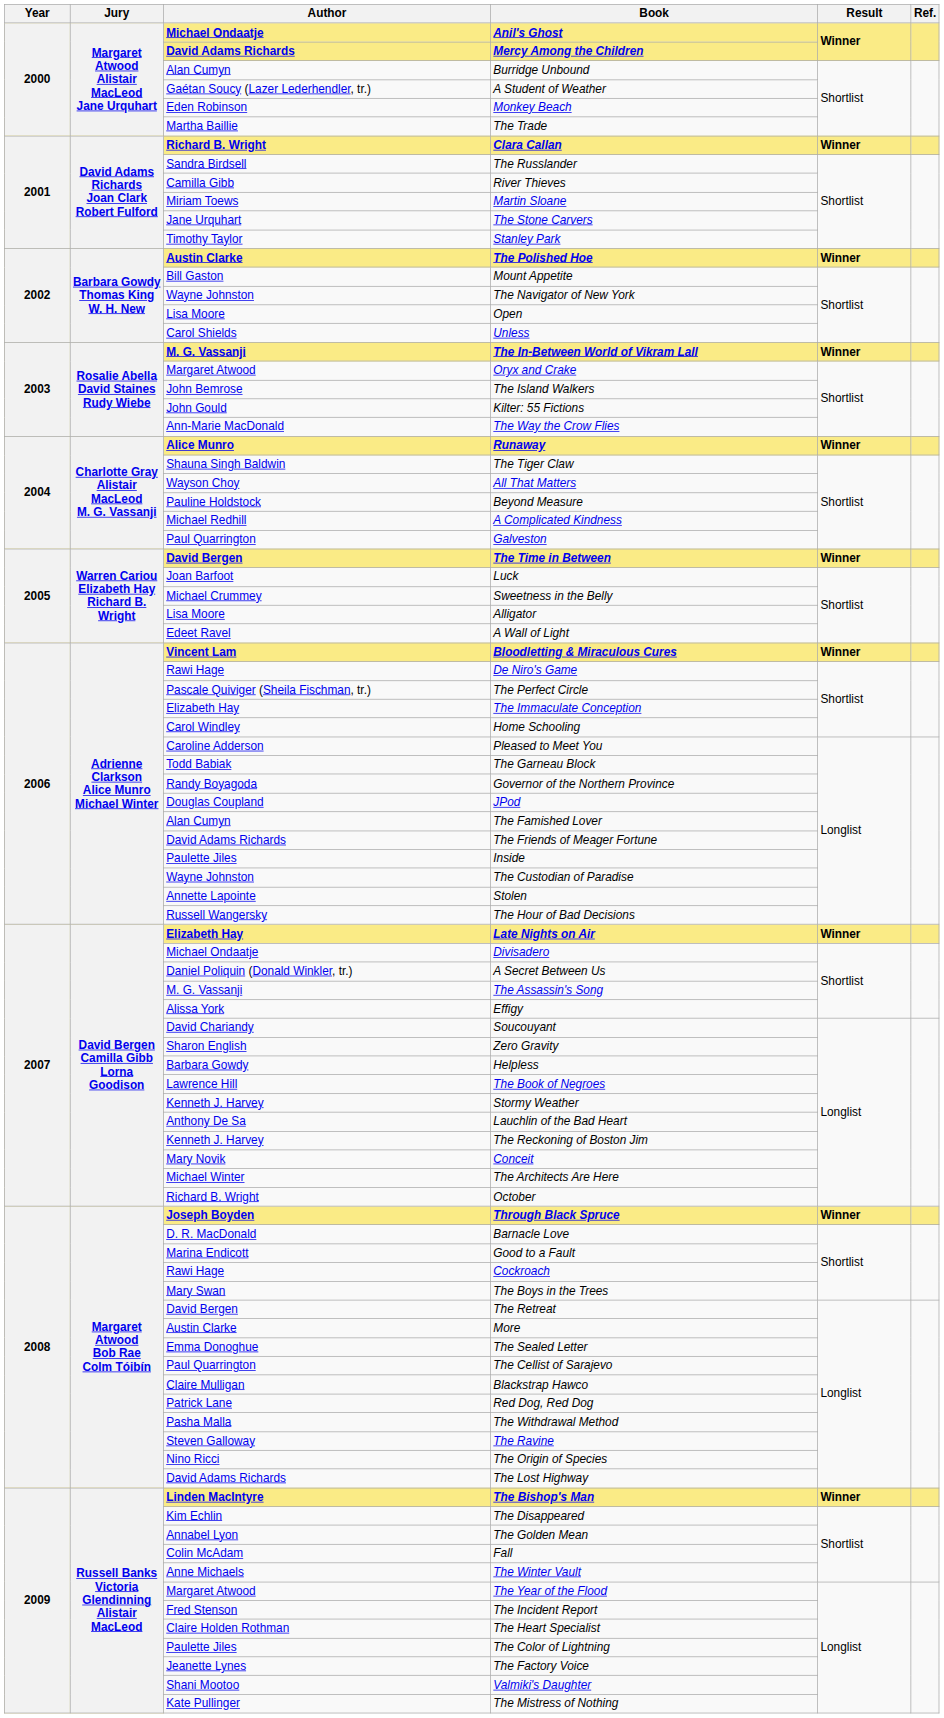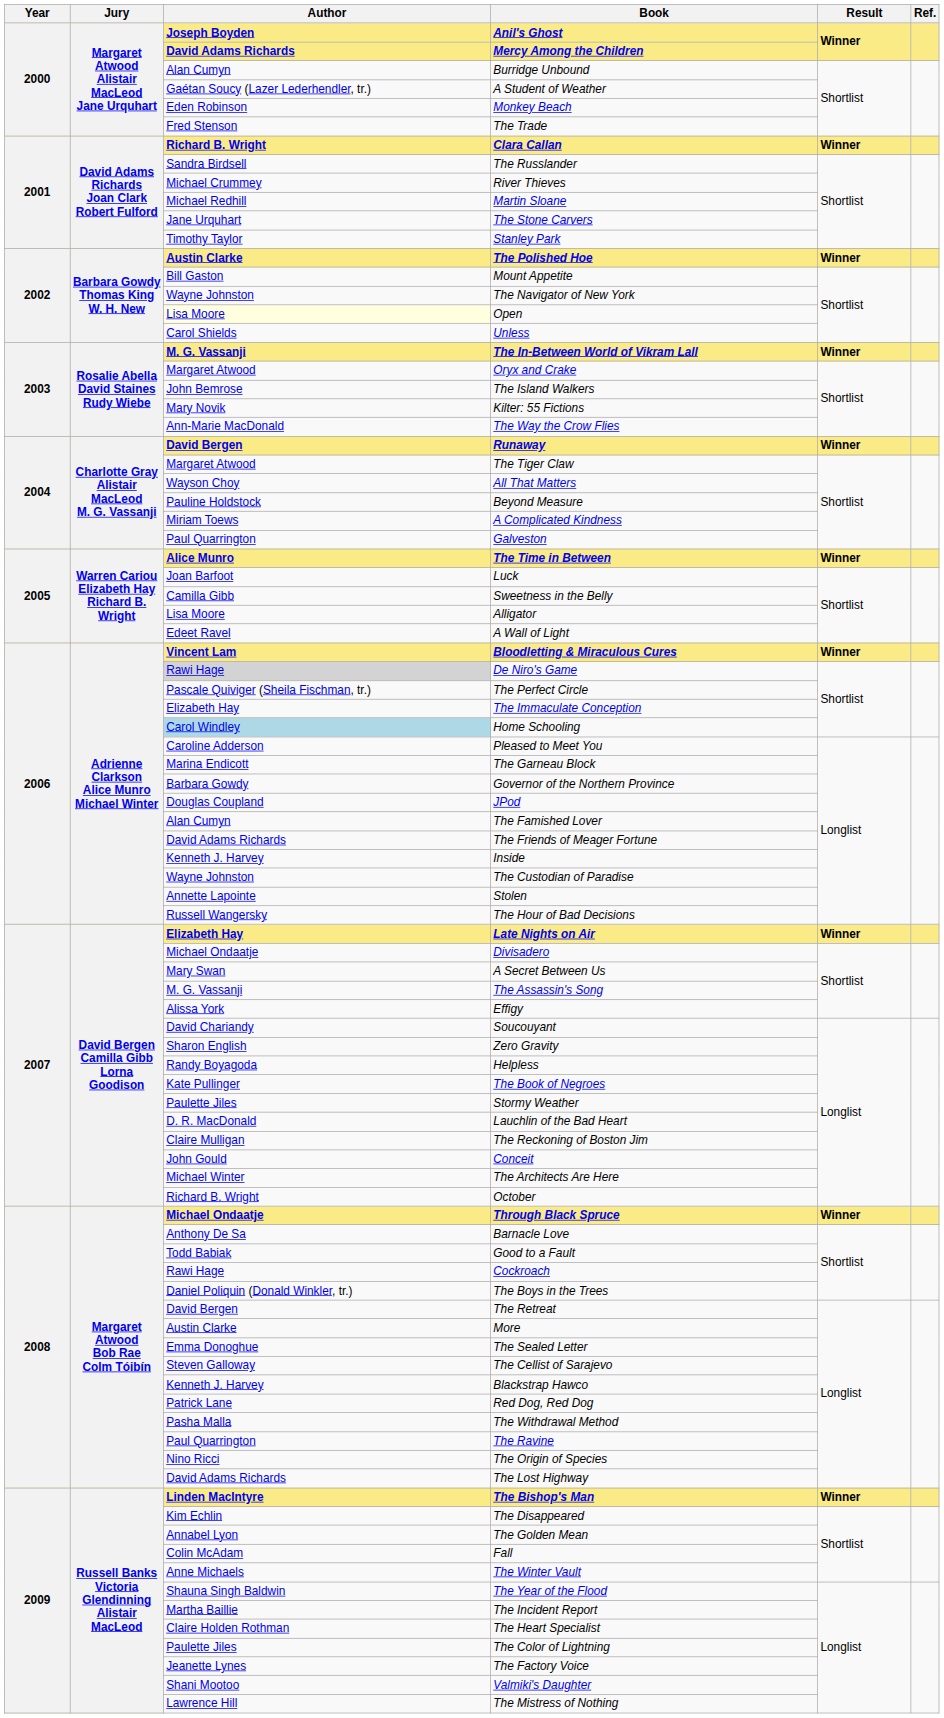 <table class="wikitable" width="100%">
 <tr>
 <th>Year</th>
 <th width=10%>Jury</th>
 <th width=35%>Author</th>
 <th width=35%>Book</th>
 <th width=10%>Result</th>
 <th width=2%>Ref.</th>
 </tr>
 <tr style="background:#FAEB86">
 <th rowspan="6">2000</th>
 <th rowspan="6"><a href='#'>Margaret Atwood</a><br><a href='#'>Alistair MacLeod</a><br><a href='#'>Jane Urquhart</a></th>
-<td><strong><a href='#'>Michael Ondaatje</a></strong></td>
+<td><strong><a href='#'>Joseph Boyden</a></strong></td>
 <td><strong><em><a href='#'>Anil's Ghost</a></em></strong></td>
 <td rowspan=2><strong>Winner</strong></td>
 <td rowspan=2></td>
 </tr>
 <tr style="background:#FAEB86">
 <td><strong><a href='#'>David Adams Richards</a></strong></td>
 <td><strong><em><a href='#'>Mercy Among the Children</a></em></strong></td>
 </tr>
 <tr>
 <td><a href='#'>Alan Cumyn</a></td>
 <td><em>Burridge Unbound</em></td>
 <td rowspan="4">Shortlist</td>
 <td rowspan="4"></td>
 </tr>
 <tr>
 <td><a href='#'>Gaétan Soucy</a> (<a href='#'>Lazer Lederhendler</a>, tr.)</td>
 <td><em>A Student of Weather</em></td>
 </tr>
 <tr>
 <td><a href='#'>Eden Robinson</a></td>
 <td><em><a href='#'>Monkey Beach</a></em></td>
 </tr>
 <tr>
-<td><a href='#'>Martha Baillie</a></td>
+<td><a href='#'>Fred Stenson</a></td>
 <td><em>The Trade</em></td>
 </tr>
 <tr style="background:#FAEB86">
 <th rowspan="6">2001</th>
 <th rowspan="6"><a href='#'>David Adams Richards</a><br><a href='#'>Joan Clark</a><br><a href='#'>Robert Fulford</a></th>
 <td><strong><a href='#'>Richard B. Wright</a></strong></td>
 <td><strong><em><a href='#'>Clara Callan</a></em></strong></td>
 <td><strong>Winner</strong></td>
 <td></td>
 </tr>
 <tr>
 <td><a href='#'>Sandra Birdsell</a></td>
 <td><em>The Russlander</em></td>
 <td rowspan="5">Shortlist</td>
 <td rowspan="5"></td>
 </tr>
 <tr>
-<td><a href='#'>Camilla Gibb</a></td>
+<td><a href='#'>Michael Crummey</a></td>
 <td><em>River Thieves</em></td>
 </tr>
 <tr>
-<td><a href='#'>Miriam Toews</a></td>
+<td><a href='#'>Michael Redhill</a></td>
 <td><em><a href='#'>Martin Sloane</a></em></td>
 </tr>
 <tr>
 <td><a href='#'>Jane Urquhart</a></td>
 <td><em><a href='#'>The Stone Carvers</a></em></td>
 </tr>
 <tr>
 <td><a href='#'>Timothy Taylor</a></td>
 <td><em><a href='#'>Stanley Park</a></em></td>
 </tr>
 <tr style="background:#FAEB86">
 <th rowspan="5">2002</th>
 <th rowspan="5"><a href='#'>Barbara Gowdy</a><br><a href='#'>Thomas King</a><br><a href='#'>W. H. New</a></th>
 <td><strong><a href='#'>Austin Clarke</a></strong></td>
 <td><strong><em><a href='#'>The Polished Hoe</a></em></strong></td>
 <td><strong>Winner</strong></td>
 <td></td>
 </tr>
 <tr>
 <td><a href='#'>Bill Gaston</a></td>
 <td><em>Mount Appetite</em></td>
 <td rowspan="4">Shortlist</td>
 <td rowspan="4"></td>
 </tr>
 <tr>
 <td><a href='#'>Wayne Johnston</a></td>
 <td><em>The Navigator of New York</em></td>
 </tr>
 <tr>
-<td><a href='#'>Lisa Moore</a></td>
+<td style="background: lightyellow;"><a href='#'>Lisa Moore</a></td>
 <td><em>Open</em></td>
 </tr>
 <tr>
 <td><a href='#'>Carol Shields</a></td>
 <td><em><a href='#'>Unless</a></em></td>
 </tr>
 <tr style="background:#FAEB86">
 <th rowspan="5">2003</th>
 <th rowspan="5"><a href='#'>Rosalie Abella</a><br><a href='#'>David Staines</a><br><a href='#'>Rudy Wiebe</a></th>
 <td><strong><a href='#'>M. G. Vassanji</a></strong></td>
 <td><strong><em><a href='#'>The In-Between World of Vikram Lall</a></em></strong></td>
 <td><strong>Winner</strong></td>
 <td></td>
 </tr>
 <tr>
 <td><a href='#'>Margaret Atwood</a></td>
 <td><em><a href='#'>Oryx and Crake</a></em></td>
 <td rowspan="4">Shortlist</td>
 <td rowspan="4"></td>
 </tr>
 <tr>
 <td><a href='#'>John Bemrose</a></td>
 <td><em>The Island Walkers</em></td>
 </tr>
 <tr>
-<td><a href='#'>John Gould</a></td>
+<td><a href='#'>Mary Novik</a></td>
 <td><em>Kilter: 55 Fictions</em></td>
 </tr>
 <tr>
 <td><a href='#'>Ann-Marie MacDonald</a></td>
 <td><em><a href='#'>The Way the Crow Flies</a></em></td>
 </tr>
 <tr style="background:#FAEB86">
 <th rowspan="6">2004</th>
 <th rowspan="6"><a href='#'>Charlotte Gray</a><br><a href='#'>Alistair MacLeod</a><br><a href='#'>M. G. Vassanji</a></th>
-<td><strong><a href='#'>Alice Munro</a></strong></td>
+<td><strong><a href='#'>David Bergen</a></strong></td>
 <td><strong><em><a href='#'>Runaway</a></em></strong></td>
 <td><strong>Winner</strong></td>
 <td></td>
 </tr>
 <tr>
-<td><a href='#'>Shauna Singh Baldwin</a></td>
+<td><a href='#'>Margaret Atwood</a></td>
 <td><em>The Tiger Claw</em></td>
 <td rowspan="5">Shortlist</td>
 <td rowspan="5"></td>
 </tr>
 <tr>
 <td><a href='#'>Wayson Choy</a></td>
 <td><em><a href='#'>All That Matters</a></em></td>
 </tr>
 <tr>
 <td><a href='#'>Pauline Holdstock</a></td>
 <td><em>Beyond Measure</em></td>
 </tr>
 <tr>
-<td><a href='#'>Michael Redhill</a></td>
+<td><a href='#'>Miriam Toews</a></td>
 <td><em><a href='#'>A Complicated Kindness</a></em></td>
 </tr>
 <tr>
 <td><a href='#'>Paul Quarrington</a></td>
 <td><em><a href='#'>Galveston</a></em></td>
 </tr>
 <tr style="background:#FAEB86">
 <th rowspan="5">2005</th>
 <th rowspan="5"><a href='#'>Warren Cariou</a><br><a href='#'>Elizabeth Hay</a><br><a href='#'>Richard B. Wright</a></th>
-<td><strong><a href='#'>David Bergen</a></strong></td>
+<td><strong><a href='#'>Alice Munro</a></strong></td>
 <td><strong><em><a href='#'>The Time in Between</a></em></strong></td>
 <td><strong>Winner</strong></td>
 <td></td>
 </tr>
 <tr>
 <td><a href='#'>Joan Barfoot</a></td>
 <td><em>Luck</em></td>
 <td rowspan="4">Shortlist</td>
 <td rowspan="4"></td>
 </tr>
 <tr>
-<td><a href='#'>Michael Crummey</a></td>
+<td><a href='#'>Camilla Gibb</a></td>
 <td><em>Sweetness in the Belly</em></td>
 </tr>
 <tr>
 <td><a href='#'>Lisa Moore</a></td>
 <td><em>Alligator</em></td>
 </tr>
 <tr>
 <td><a href='#'>Edeet Ravel</a></td>
 <td><em>A Wall of Light</em></td>
 </tr>
 <tr style="background:#FAEB86">
 <th rowspan="15">2006</th>
 <th rowspan="15"><a href='#'>Adrienne Clarkson</a><br><a href='#'>Alice Munro</a><br><a href='#'>Michael Winter</a></th>
 <td><strong><a href='#'>Vincent Lam</a></strong></td>
 <td><strong><em><a href='#'>Bloodletting & Miraculous Cures</a></em></strong></td>
 <td><strong>Winner</strong></td>
 <td></td>
 </tr>
 <tr>
-<td><a href='#'>Rawi Hage</a></td>
+<td style="background: lightgrey;"><a href='#'>Rawi Hage</a></td>
 <td><em><a href='#'>De Niro's Game</a></em></td>
 <td rowspan="4">Shortlist</td>
 <td rowspan="4"></td>
 </tr>
 <tr>
 <td><a href='#'>Pascale Quiviger</a> (<a href='#'>Sheila Fischman</a>, tr.)</td>
 <td><em>The Perfect Circle</em></td>
 </tr>
 <tr>
 <td><a href='#'>Elizabeth Hay</a></td>
 <td><em><a href='#'>The Immaculate Conception</a></em></td>
 </tr>
 <tr>
-<td><a href='#'>Carol Windley</a></td>
+<td style="background: lightblue;"><a href='#'>Carol Windley</a></td>
 <td><em>Home Schooling</em></td>
 </tr>
 <tr>
 <td><a href='#'>Caroline Adderson</a></td>
 <td><em>Pleased to Meet You</em></td>
 <td rowspan="10">Longlist</td>
 <td rowspan="10"></td>
 </tr>
 <tr>
-<td><a href='#'>Todd Babiak</a></td>
+<td><a href='#'>Marina Endicott</a></td>
 <td><em>The Garneau Block</em></td>
 </tr>
 <tr>
-<td><a href='#'>Randy Boyagoda</a></td>
+<td><a href='#'>Barbara Gowdy</a></td>
 <td><em>Governor of the Northern Province</em></td>
 </tr>
 <tr>
 <td><a href='#'>Douglas Coupland</a></td>
 <td><em><a href='#'>JPod</a></em></td>
 </tr>
 <tr>
 <td><a href='#'>Alan Cumyn</a></td>
 <td><em>The Famished Lover</em></td>
 </tr>
 <tr>
 <td><a href='#'>David Adams Richards</a></td>
 <td><em>The Friends of Meager Fortune</em></td>
 </tr>
 <tr>
-<td><a href='#'>Paulette Jiles</a></td>
+<td><a href='#'>Kenneth J. Harvey</a></td>
 <td><em>Inside</em></td>
 </tr>
 <tr>
 <td><a href='#'>Wayne Johnston</a></td>
 <td><em>The Custodian of Paradise</em></td>
 </tr>
 <tr>
 <td><a href='#'>Annette Lapointe</a></td>
 <td><em>Stolen</em></td>
 </tr>
 <tr>
 <td><a href='#'>Russell Wangersky</a></td>
 <td><em>The Hour of Bad Decisions</em></td>
 </tr>
 <tr style="background:#FAEB86">
 <th rowspan="15">2007</th>
 <th rowspan="15"><a href='#'>David Bergen</a><br><a href='#'>Camilla Gibb</a><br><a href='#'>Lorna Goodison</a></th>
 <td><strong><a href='#'>Elizabeth Hay</a></strong></td>
 <td><strong><em><a href='#'>Late Nights on Air</a></em></strong></td>
 <td><strong>Winner</strong></td>
 <td></td>
 </tr>
 <tr>
 <td><a href='#'>Michael Ondaatje</a></td>
 <td><em><a href='#'>Divisadero</a></em></td>
 <td rowspan="4">Shortlist</td>
 <td rowspan="4"></td>
 </tr>
 <tr>
-<td><a href='#'>Daniel Poliquin</a> (<a href='#'>Donald Winkler</a>, tr.)</td>
+<td><a href='#'>Mary Swan</a></td>
 <td><em>A Secret Between Us</em></td>
 </tr>
 <tr>
 <td><a href='#'>M. G. Vassanji</a></td>
 <td><em><a href='#'>The Assassin's Song</a></em></td>
 </tr>
 <tr>
 <td><a href='#'>Alissa York</a></td>
 <td><em>Effigy</em></td>
 </tr>
 <tr>
 <td><a href='#'>David Chariandy</a></td>
 <td><em>Soucouyant</em></td>
 <td rowspan="10">Longlist</td>
 <td rowspan="10"></td>
 </tr>
 <tr>
 <td><a href='#'>Sharon English</a></td>
 <td><em>Zero Gravity</em></td>
 </tr>
 <tr>
-<td><a href='#'>Barbara Gowdy</a></td>
+<td><a href='#'>Randy Boyagoda</a></td>
 <td><em>Helpless</em></td>
 </tr>
 <tr>
-<td><a href='#'>Lawrence Hill</a></td>
+<td><a href='#'>Kate Pullinger</a></td>
 <td><em><a href='#'>The Book of Negroes</a></em></td>
 </tr>
 <tr>
-<td><a href='#'>Kenneth J. Harvey</a></td>
+<td><a href='#'>Paulette Jiles</a></td>
 <td><em>Stormy Weather</em></td>
 </tr>
 <tr>
-<td><a href='#'>Anthony De Sa</a></td>
+<td><a href='#'>D. R. MacDonald</a></td>
 <td><em>Lauchlin of the Bad Heart</em></td>
 </tr>
 <tr>
-<td><a href='#'>Kenneth J. Harvey</a></td>
+<td><a href='#'>Claire Mulligan</a></td>
 <td><em>The Reckoning of Boston Jim</em></td>
 </tr>
 <tr>
-<td><a href='#'>Mary Novik</a></td>
+<td><a href='#'>John Gould</a></td>
 <td><em><a href='#'>Conceit</a></em></td>
 </tr>
 <tr>
 <td><a href='#'>Michael Winter</a></td>
 <td><em>The Architects Are Here</em></td>
 </tr>
 <tr>
 <td><a href='#'>Richard B. Wright</a></td>
 <td><em>October</em></td>
 </tr>
 <tr style="background:#FAEB86">
 <th rowspan="15">2008</th>
 <th rowspan="15"><a href='#'>Margaret Atwood</a><br><a href='#'>Bob Rae</a><br><a href='#'>Colm Tóibín</a></th>
-<td><strong><a href='#'>Joseph Boyden</a></strong></td>
+<td><strong><a href='#'>Michael Ondaatje</a></strong></td>
 <td><strong><em><a href='#'>Through Black Spruce</a></em></strong></td>
 <td><strong>Winner</strong></td>
 <td></td>
 </tr>
 <tr>
-<td><a href='#'>D. R. MacDonald</a></td>
+<td><a href='#'>Anthony De Sa</a></td>
 <td><em>Barnacle Love</em></td>
 <td rowspan="4">Shortlist</td>
 <td rowspan="4"></td>
 </tr>
 <tr>
-<td><a href='#'>Marina Endicott</a></td>
+<td><a href='#'>Todd Babiak</a></td>
 <td><em>Good to a Fault</em></td>
 </tr>
 <tr>
 <td><a href='#'>Rawi Hage</a></td>
 <td><em><a href='#'>Cockroach</a></em></td>
 </tr>
 <tr>
-<td><a href='#'>Mary Swan</a></td>
+<td><a href='#'>Daniel Poliquin</a> (<a href='#'>Donald Winkler</a>, tr.)</td>
 <td><em>The Boys in the Trees</em></td>
 </tr>
 <tr>
 <td><a href='#'>David Bergen</a></td>
 <td><em>The Retreat</em></td>
 <td rowspan="10">Longlist</td>
 <td rowspan="10"></td>
 </tr>
 <tr>
 <td><a href='#'>Austin Clarke</a></td>
 <td><em>More</em></td>
 </tr>
 <tr>
 <td><a href='#'>Emma Donoghue</a></td>
 <td><em>The Sealed Letter</em></td>
 </tr>
 <tr>
-<td><a href='#'>Paul Quarrington</a></td>
+<td><a href='#'>Steven Galloway</a></td>
 <td><em>The Cellist of Sarajevo</em></td>
 </tr>
 <tr>
-<td><a href='#'>Claire Mulligan</a></td>
+<td><a href='#'>Kenneth J. Harvey</a></td>
 <td><em>Blackstrap Hawco</em></td>
 </tr>
 <tr>
 <td><a href='#'>Patrick Lane</a></td>
 <td><em>Red Dog, Red Dog</em></td>
 </tr>
 <tr>
 <td><a href='#'>Pasha Malla</a></td>
 <td><em>The Withdrawal Method</em></td>
 </tr>
 <tr>
-<td><a href='#'>Steven Galloway</a></td>
+<td><a href='#'>Paul Quarrington</a></td>
 <td><em><a href='#'>The Ravine</a></em></td>
 </tr>
 <tr>
 <td><a href='#'>Nino Ricci</a></td>
 <td><em>The Origin of Species</em></td>
 </tr>
 <tr>
 <td><a href='#'>David Adams Richards</a></td>
 <td><em>The Lost Highway</em></td>
 </tr>
 <tr style="background:#FAEB86">
 <th rowspan="12">2009</th>
 <th rowspan="12"><a href='#'>Russell Banks</a><br><a href='#'>Victoria Glendinning</a><br><a href='#'>Alistair MacLeod</a></th>
 <td><strong><a href='#'>Linden MacIntyre</a></strong></td>
 <td><strong><em><a href='#'>The Bishop's Man</a></em></strong></td>
 <td><strong>Winner</strong></td>
 <td></td>
 </tr>
 <tr>
 <td><a href='#'>Kim Echlin</a></td>
 <td><em>The Disappeared</em></td>
 <td rowspan="4">Shortlist</td>
 <td rowspan="4"></td>
 </tr>
 <tr>
 <td><a href='#'>Annabel Lyon</a></td>
 <td><em>The Golden Mean</em></td>
 </tr>
 <tr>
 <td><a href='#'>Colin McAdam</a></td>
 <td><em>Fall</em></td>
 </tr>
 <tr>
 <td><a href='#'>Anne Michaels</a></td>
 <td><em><a href='#'>The Winter Vault</a></em></td>
 </tr>
 <tr>
-<td><a href='#'>Margaret Atwood</a></td>
+<td><a href='#'>Shauna Singh Baldwin</a></td>
 <td><em><a href='#'>The Year of the Flood</a></em></td>
 <td rowspan="7">Longlist</td>
 <td rowspan="7"></td>
 </tr>
 <tr>
-<td><a href='#'>Fred Stenson</a></td>
+<td><a href='#'>Martha Baillie</a></td>
 <td><em>The Incident Report</em></td>
 </tr>
 <tr>
 <td><a href='#'>Claire Holden Rothman</a></td>
 <td><em>The Heart Specialist</em></td>
 </tr>
 <tr>
 <td><a href='#'>Paulette Jiles</a></td>
 <td><em>The Color of Lightning</em></td>
 </tr>
 <tr>
 <td><a href='#'>Jeanette Lynes</a></td>
 <td><em>The Factory Voice</em></td>
 </tr>
 <tr>
 <td><a href='#'>Shani Mootoo</a></td>
 <td><em><a href='#'>Valmiki's Daughter</a></em></td>
 </tr>
 <tr>
-<td><a href='#'>Kate Pullinger</a></td>
+<td><a href='#'>Lawrence Hill</a></td>
 <td><em>The Mistress of Nothing</em></td>
 </tr>
 </table>
